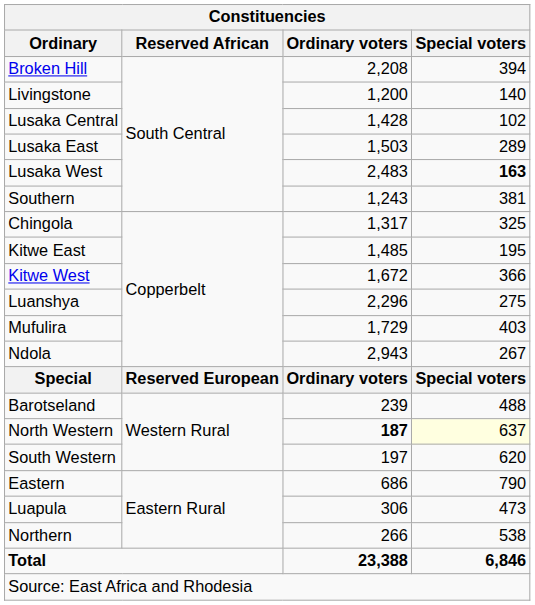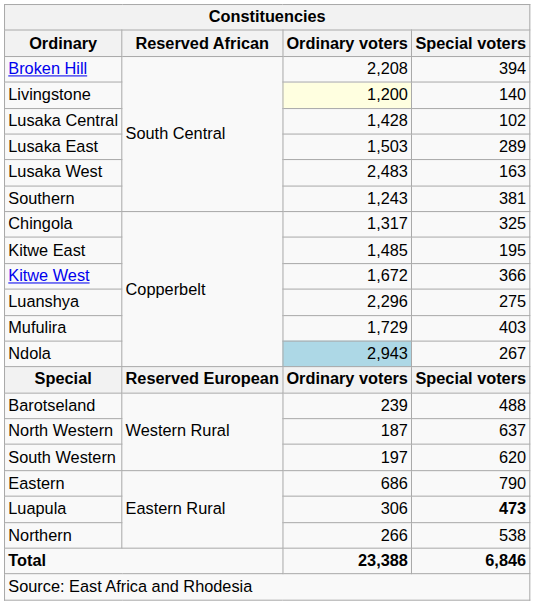 <table class=wikitable>
 <tr>
 <th colspan=5>Constituencies</th>
 </tr>
 <tr>
 <th>Ordinary</th>
 <th>Reserved African</th>
 <th>Ordinary voters</th>
 <th>Special voters</th>
 </tr>
 <tr>
 <td><a href='#'>Broken Hill</a></td>
 <td rowspan=6>South Central</td>
 <td align=right>2,208</td>
 <td align=right>394</td>
 </tr>
 <tr>
 <td>Livingstone</td>
-<td align=right>1,200</td>
+<td align=right style="background: lightyellow;">1,200</td>
 <td align=right>140</td>
 </tr>
 <tr>
 <td>Lusaka Central</td>
 <td align=right>1,428</td>
 <td align=right>102</td>
 </tr>
 <tr>
 <td>Lusaka East</td>
 <td align=right>1,503</td>
 <td align=right>289</td>
 </tr>
 <tr>
 <td>Lusaka West</td>
 <td align=right>2,483</td>
-<td align=right><strong>163</strong></td>
+<td align=right>163</td>
 </tr>
 <tr>
 <td>Southern</td>
 <td align=right>1,243</td>
 <td align=right>381</td>
 </tr>
 <tr>
 <td>Chingola</td>
 <td rowspan=6>Copperbelt</td>
 <td align=right>1,317</td>
 <td align=right>325</td>
 </tr>
 <tr>
 <td>Kitwe East</td>
 <td align=right>1,485</td>
 <td align=right>195</td>
 </tr>
 <tr>
 <td><a href='#'>Kitwe West</a></td>
 <td align=right>1,672</td>
 <td align=right>366</td>
 </tr>
 <tr>
 <td>Luanshya</td>
 <td align=right>2,296</td>
 <td align=right>275</td>
 </tr>
 <tr>
 <td>Mufulira</td>
 <td align=right>1,729</td>
 <td align=right>403</td>
 </tr>
 <tr>
 <td>Ndola</td>
-<td align=right>2,943</td>
+<td align=right style="background: lightblue;">2,943</td>
 <td align=right>267</td>
 </tr>
 <tr>
 <th>Special</th>
 <th>Reserved European</th>
 <th>Ordinary voters</th>
 <th>Special voters</th>
 </tr>
 <tr>
 <td>Barotseland</td>
 <td rowspan=3>Western Rural</td>
 <td align=right>239</td>
 <td align=right>488</td>
 </tr>
 <tr>
 <td>North Western</td>
-<td align=right><strong>187</strong></td>
-<td align=right style="background: lightyellow;">637</td>
+<td align=right>187</td>
+<td align=right>637</td>
 </tr>
 <tr>
 <td>South Western</td>
 <td align=right>197</td>
 <td align=right>620</td>
 </tr>
 <tr>
 <td>Eastern</td>
 <td rowspan=3>Eastern Rural</td>
 <td align=right>686</td>
 <td align=right>790</td>
 </tr>
 <tr>
 <td>Luapula</td>
 <td align=right>306</td>
-<td align=right>473</td>
+<td align=right><strong>473</strong></td>
 </tr>
 <tr>
 <td>Northern</td>
 <td align=right>266</td>
 <td align=right>538</td>
 </tr>
 <tr>
 <td colspan=2><strong>Total</strong></td>
 <td align=right><strong>23,388</strong></td>
 <td align=right><strong>6,846</strong></td>
 </tr>
 <tr>
 <td colspan=4>Source: East Africa and Rhodesia</td>
 </tr>
 </table>
